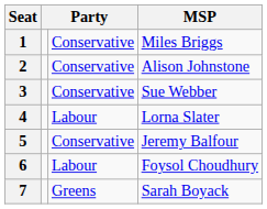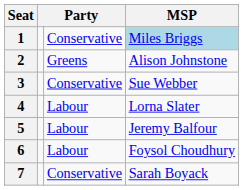 <table class="wikitable sortable">
 <tr>
 <th>Seat</th>
 <th colspan=2>Party</th>
 <th>MSP</th>
 </tr>
 <tr>
 <th>1</th>
 <td style="color:inherit;background:"></td>
 <td><a href='#'>Conservative</a></td>
-<td><a href='#'>Miles Briggs</a></td>
+<td style="background: lightblue;"><a href='#'>Miles Briggs</a></td>
 </tr>
 <tr>
 <th>2</th>
 <td style="color:inherit;background:"></td>
-<td><a href='#'>Conservative</a></td>
+<td><a href='#'>Greens</a></td>
 <td><a href='#'>Alison Johnstone</a></td>
 </tr>
 <tr>
 <th>3</th>
 <td style="color:inherit;background:"></td>
 <td><a href='#'>Conservative</a></td>
 <td><a href='#'>Sue Webber</a></td>
 </tr>
 <tr>
 <th>4</th>
 <td style="color:inherit;background:"></td>
 <td><a href='#'>Labour</a></td>
 <td><a href='#'>Lorna Slater</a></td>
 </tr>
 <tr>
 <th>5</th>
 <td style="color:inherit;background:"></td>
-<td><a href='#'>Conservative</a></td>
+<td><a href='#'>Labour</a></td>
 <td><a href='#'>Jeremy Balfour</a></td>
 </tr>
 <tr>
 <th>6</th>
 <td style="color:inherit;background:"></td>
 <td><a href='#'>Labour</a></td>
 <td><a href='#'>Foysol Choudhury</a></td>
 </tr>
 <tr>
 <th>7</th>
 <td style="color:inherit;background:"></td>
-<td><a href='#'>Greens</a></td>
+<td><a href='#'>Conservative</a></td>
 <td><a href='#'>Sarah Boyack</a></td>
 </tr>
 </table>
